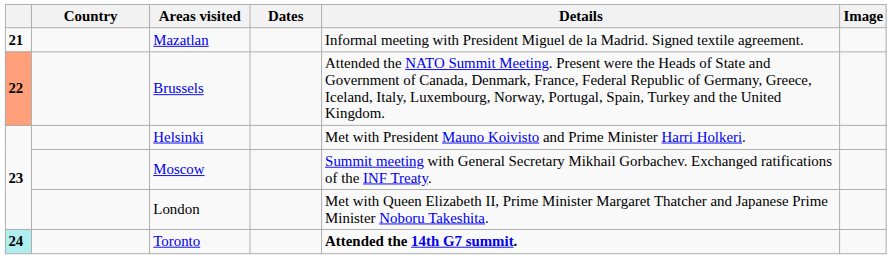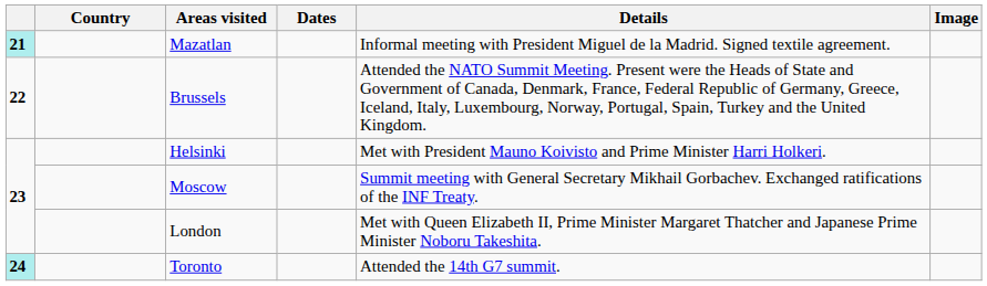 <table class="wikitable sortable" border="1" style="margin: 1em auto 1em auto">
 <tr>
 <th style="width: 3%;"></th>
 <th width=120>Country</th>
 <th width=100>Areas visited</th>
 <th width=70>Dates</th>
 <th width=550>Details</th>
 <th>Image</th>
 </tr>
 <tr>
-<td><strong>21</strong></td>
+<td style="background: paleturquoise;"><strong>21</strong></td>
 <td></td>
 <td><a href='#'>Mazatlan</a></td>
 <td></td>
 <td>Informal meeting with President Miguel de la Madrid. Signed textile agreement.</td>
 <td></td>
 </tr>
 <tr>
-<td style="background: lightsalmon;"><strong>22</strong></td>
+<td><strong>22</strong></td>
 <td></td>
 <td><a href='#'>Brussels</a></td>
 <td></td>
 <td>Attended the <a href='#'>NATO Summit Meeting</a>. Present were the Heads of State and Government of Canada, Denmark, France, Federal Republic of Germany, Greece, Iceland, Italy, Luxembourg, Norway, Portugal, Spain, Turkey and the United Kingdom.</td>
 <td></td>
 </tr>
 <tr>
 <td rowspan=3><strong>23</strong></td>
 <td></td>
 <td><a href='#'>Helsinki</a></td>
 <td></td>
 <td>Met with President <a href='#'>Mauno Koivisto</a> and Prime Minister <a href='#'>Harri Holkeri</a>.</td>
 <td></td>
 </tr>
 <tr>
 <td></td>
 <td><a href='#'>Moscow</a></td>
 <td></td>
 <td><a href='#'>Summit meeting</a> with General Secretary Mikhail Gorbachev. Exchanged ratifications of the <a href='#'>INF Treaty</a>.</td>
 <td></td>
 </tr>
 <tr>
 <td></td>
 <td>London</td>
 <td></td>
 <td>Met with Queen Elizabeth II, Prime Minister Margaret Thatcher and Japanese Prime Minister <a href='#'>Noboru Takeshita</a>.</td>
 <td></td>
 </tr>
 <tr>
 <td style="background: paleturquoise;"><strong>24</strong></td>
 <td></td>
 <td><a href='#'>Toronto</a></td>
 <td></td>
-<td><strong>Attended the <a href='#'>14th G7 summit</a>.</strong></td>
+<td>Attended the <a href='#'>14th G7 summit</a>.</td>
 <td></td>
 </tr>
 </table>
